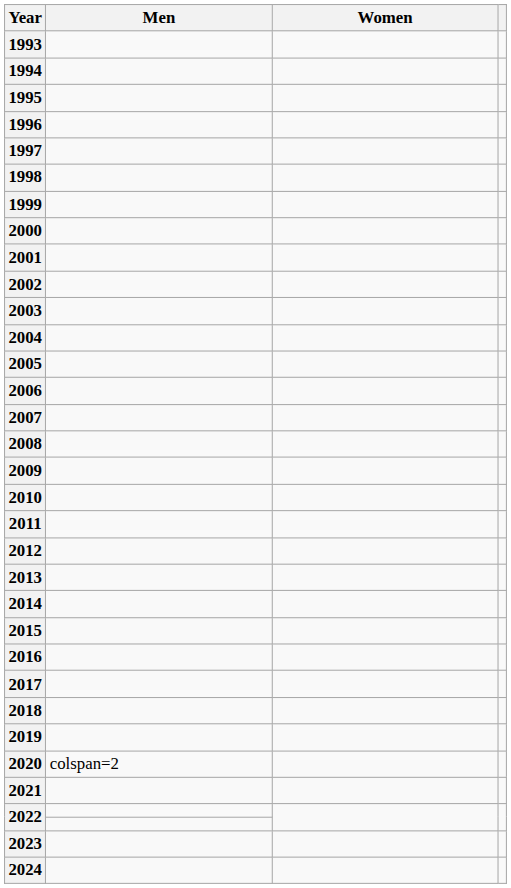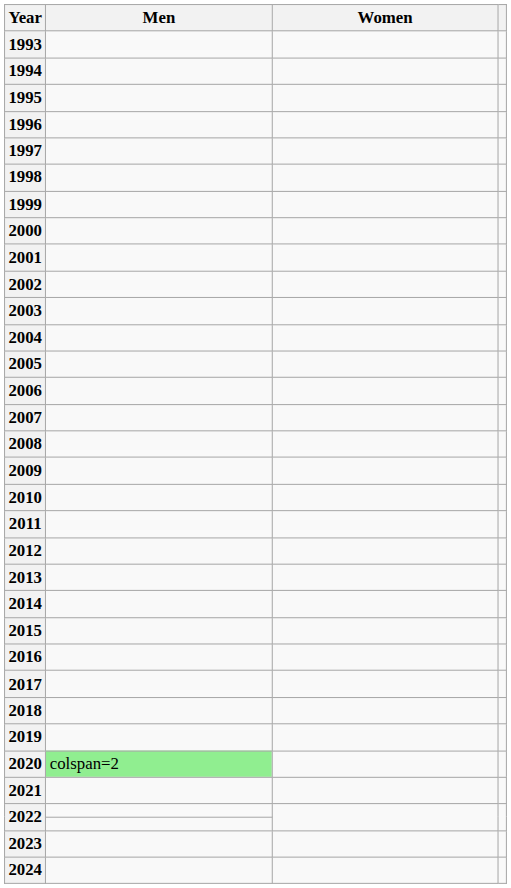 <table class="wikitable sortable">
 <tr>
 <th scope="col">Year</th>
 <th scope="col" style="width:13em">Men</th>
 <th scope="col" style="width:13em">Women</th>
 <th class="unsortable"></th>
 </tr>
 <tr>
 <th scope="row" style="text-align:center;">1993</th>
 <td></td>
 <td></td>
 <td style="text-align:center;"></td>
 </tr>
 <tr>
 <th scope="row" style="text-align:center;">1994</th>
 <td></td>
 <td></td>
 <td style="text-align:center;"></td>
 </tr>
 <tr>
 <th scope="row" style="text-align:center;">1995</th>
 <td></td>
 <td></td>
 <td style="text-align:center;"></td>
 </tr>
 <tr>
 <th scope="row" style="text-align:center;">1996</th>
 <td></td>
 <td></td>
 <td style="text-align:center;"></td>
 </tr>
 <tr>
 <th scope="row" style="text-align:center;">1997</th>
 <td></td>
 <td></td>
 <td style="text-align:center;"></td>
 </tr>
 <tr>
 <th scope="row" style="text-align:center;">1998</th>
 <td></td>
 <td></td>
 <td style="text-align:center;"></td>
 </tr>
 <tr>
 <th scope="row" style="text-align:center;">1999</th>
 <td></td>
 <td></td>
 <td style="text-align:center;"></td>
 </tr>
 <tr>
 <th scope="row" style="text-align:center;">2000</th>
 <td></td>
 <td></td>
 <td style="text-align:center;"></td>
 </tr>
 <tr>
 <th scope="row" style="text-align:center;">2001</th>
 <td></td>
 <td></td>
 <td style="text-align:center;"></td>
 </tr>
 <tr>
 <th scope="row" style="text-align:center;">2002</th>
 <td></td>
 <td></td>
 <td style="text-align:center;"></td>
 </tr>
 <tr>
 <th scope="row" style="text-align:center;">2003</th>
 <td></td>
 <td></td>
 <td style="text-align:center;"></td>
 </tr>
 <tr>
 <th scope="row" style="text-align:center;">2004</th>
 <td></td>
 <td></td>
 <td style="text-align:center;"></td>
 </tr>
 <tr>
 <th scope="row" style="text-align:center;">2005</th>
 <td></td>
 <td></td>
 <td style="text-align:center;"></td>
 </tr>
 <tr>
 <th scope="row" style="text-align:center;">2006</th>
 <td></td>
 <td></td>
 <td style="text-align:center;"></td>
 </tr>
 <tr>
 <th scope="row" style="text-align:center;">2007</th>
 <td></td>
 <td></td>
 <td style="text-align:center;"></td>
 </tr>
 <tr>
 <th scope="row" style="text-align:center;">2008</th>
 <td></td>
 <td></td>
 <td style="text-align:center;"></td>
 </tr>
 <tr>
 <th scope="row" style="text-align:center;">2009</th>
 <td></td>
 <td></td>
 <td style="text-align:center;"></td>
 </tr>
 <tr>
 <th scope="row" style="text-align:center;">2010</th>
 <td></td>
 <td></td>
 <td style="text-align:center;"></td>
 </tr>
 <tr>
 <th scope="row" style="text-align:center;">2011</th>
 <td></td>
 <td></td>
 <td style="text-align:center;"></td>
 </tr>
 <tr>
 <th scope="row" style="text-align:center;">2012</th>
 <td></td>
 <td></td>
 <td style="text-align:center;"></td>
 </tr>
 <tr>
 <th scope="row" style="text-align:center;">2013</th>
 <td></td>
 <td></td>
 <td style="text-align:center;"></td>
 </tr>
 <tr>
 <th scope="row" style="text-align:center;">2014</th>
 <td></td>
 <td></td>
 <td style="text-align:center;"></td>
 </tr>
 <tr>
 <th scope="row" style="text-align:center;">2015</th>
 <td></td>
 <td></td>
 <td style="text-align:center;"></td>
 </tr>
 <tr>
 <th scope="row" style="text-align:center;">2016</th>
 <td></td>
 <td></td>
 <td style="text-align:center;"></td>
 </tr>
 <tr>
 <th scope="row" style="text-align:center;">2017</th>
 <td></td>
 <td></td>
 <td style="text-align:center;"></td>
 </tr>
 <tr>
 <th scope="row" style="text-align:center;">2018</th>
 <td></td>
 <td></td>
 <td style="text-align:center;"></td>
 </tr>
 <tr>
 <th scope="row" style="text-align:center;">2019</th>
 <td></td>
 <td></td>
 <td style="text-align:center;"></td>
 </tr>
 <tr>
 <th scope="row" style="text-align:center;">2020</th>
-<td>colspan=2 </td>
+<td style="background: lightgreen;">colspan=2 </td>
 <td style="text-align:center;"></td>
 </tr>
 <tr>
 <th scope="row" style="text-align:center;">2021</th>
 <td></td>
 <td></td>
 <td style="text-align:center;"></td>
 </tr>
 <tr>
 <th scope="rowgroup" rowspan="2" style="text-align:center;">2022</th>
 <td></td>
 <td rowspan="2"></td>
 <td rowspan="2" style="text-align:center;"></td>
 </tr>
 <tr>
 <td></td>
 </tr>
 <tr>
 <th scope="row" style="text-align:center;">2023</th>
 <td></td>
 <td></td>
 <td style="text-align:center;"></td>
 </tr>
 <tr>
 <th scope="row" style="text-align:center;">2024</th>
 <td> </td>
 <td></td>
 <td style="text-align:center;"></td>
 </tr>
 </table>
